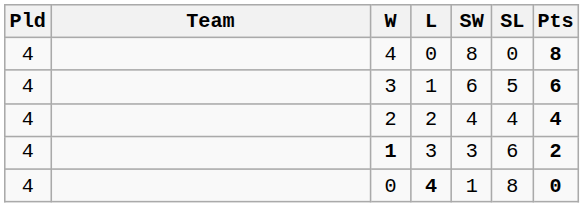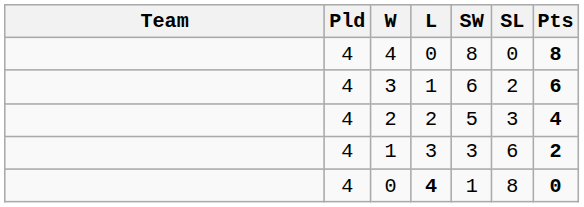 <table class=wikitable style="text-align:center">
 <tr>
+<th width=200>Team</th>
 <th width=20>Pld</th>
-<th width=200>Team</th>
 <th width=20>W</th>
 <th width=20>L</th>
 <th width=20>SW</th>
 <th width=20>SL</th>
 <th width=20>Pts</th>
 </tr>
 <tr>
+<td align=left></td>
 <td>4</td>
-<td align=left></td>
 <td>4</td>
 <td>0</td>
 <td>8</td>
 <td>0</td>
 <td><strong>8</strong></td>
 </tr>
 <tr>
+<td align=left></td>
 <td>4</td>
-<td align=left></td>
 <td>3</td>
 <td>1</td>
 <td>6</td>
-<td>5</td>
+<td>2</td>
 <td><strong>6</strong></td>
 </tr>
 <tr>
+<td align=left></td>
 <td>4</td>
-<td align=left></td>
 <td>2</td>
 <td>2</td>
-<td>4</td>
-<td>4</td>
+<td>5</td>
+<td>3</td>
 <td><strong>4</strong></td>
 </tr>
 <tr>
+<td align=left></td>
 <td>4</td>
-<td align=left></td>
-<td><strong>1</strong></td>
+<td>1</td>
 <td>3</td>
 <td>3</td>
 <td>6</td>
 <td><strong>2</strong></td>
 </tr>
 <tr>
+<td align=left></td>
 <td>4</td>
-<td align=left></td>
 <td>0</td>
 <td><strong>4</strong></td>
 <td>1</td>
 <td>8</td>
 <td><strong>0</strong></td>
 </tr>
 </table>
